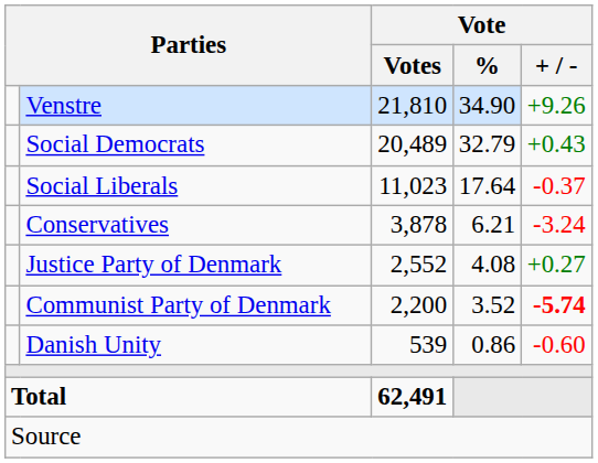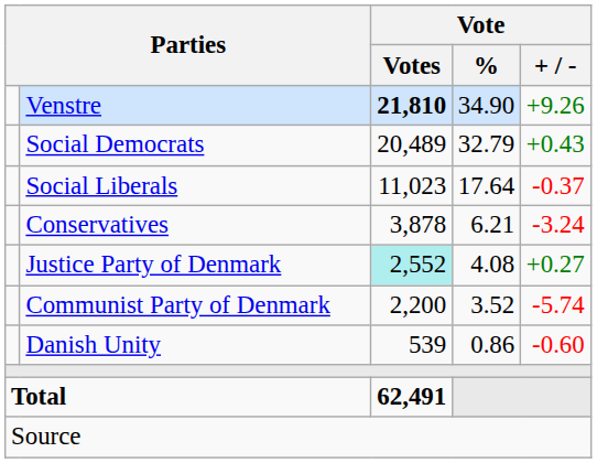 <table class="wikitable" style="text-align:right;">
 <tr>
 <th style="text-align:centre;" rowspan="2" colspan="2" width="225">Parties</th>
 <th colspan="3">Vote</th>
 </tr>
 <tr>
 <th width="15">Votes</th>
 <th width="15">%</th>
 <th width="15">+ / -</th>
 </tr>
 <tr>
 <td width="2" style="color:inherit;background:"></td>
 <td bgcolor=#cfe5fe  align="left"><a href='#'>Venstre</a></td>
-<td bgcolor=#cfe5fe>21,810</td>
+<td bgcolor=#cfe5fe><strong>21,810</strong></td>
 <td bgcolor=#cfe5fe>34.90</td>
 <td style=color:green;>+9.26</td>
 </tr>
 <tr>
 <td width="2" style="color:inherit;background:"></td>
 <td align="left"><a href='#'>Social Democrats</a></td>
 <td>20,489</td>
 <td>32.79</td>
 <td style=color:green;>+0.43</td>
 </tr>
 <tr>
 <td width="2" style="color:inherit;background:"></td>
 <td align="left"><a href='#'>Social Liberals</a></td>
 <td>11,023</td>
 <td>17.64</td>
 <td style=color:red;>-0.37</td>
 </tr>
 <tr>
 <td width="2" style="color:inherit;background:"></td>
 <td align="left"><a href='#'>Conservatives</a></td>
 <td>3,878</td>
 <td>6.21</td>
 <td style=color:red;>-3.24</td>
 </tr>
 <tr>
 <td width="2" style="color:inherit;background:"></td>
 <td align="left"><a href='#'>Justice Party of Denmark</a></td>
-<td>2,552</td>
+<td style="background: paleturquoise;">2,552</td>
 <td>4.08</td>
 <td style=color:green;>+0.27</td>
 </tr>
 <tr>
 <td width="2" style="color:inherit;background:"></td>
 <td align="left"><a href='#'>Communist Party of Denmark</a></td>
 <td>2,200</td>
 <td>3.52</td>
-<td style=color:red;><strong>-5.74</strong></td>
+<td style=color:red;>-5.74</td>
 </tr>
 <tr>
 <td width="2" style="color:inherit;background:"></td>
 <td align="left"><a href='#'>Danish Unity</a></td>
 <td>539</td>
 <td>0.86</td>
 <td style=color:red;>-0.60</td>
 </tr>
 <tr>
 <td colspan="7" bgcolor="#E9E9E9"></td>
 </tr>
 <tr>
 <td align="left" colspan="2"><strong>Total</strong></td>
 <td><strong>62,491</strong></td>
 <td bgcolor="#E9E9E9" colspan="2"></td>
 </tr>
 <tr>
 <td align="left" colspan="6">Source</td>
 </tr>
 </table>
